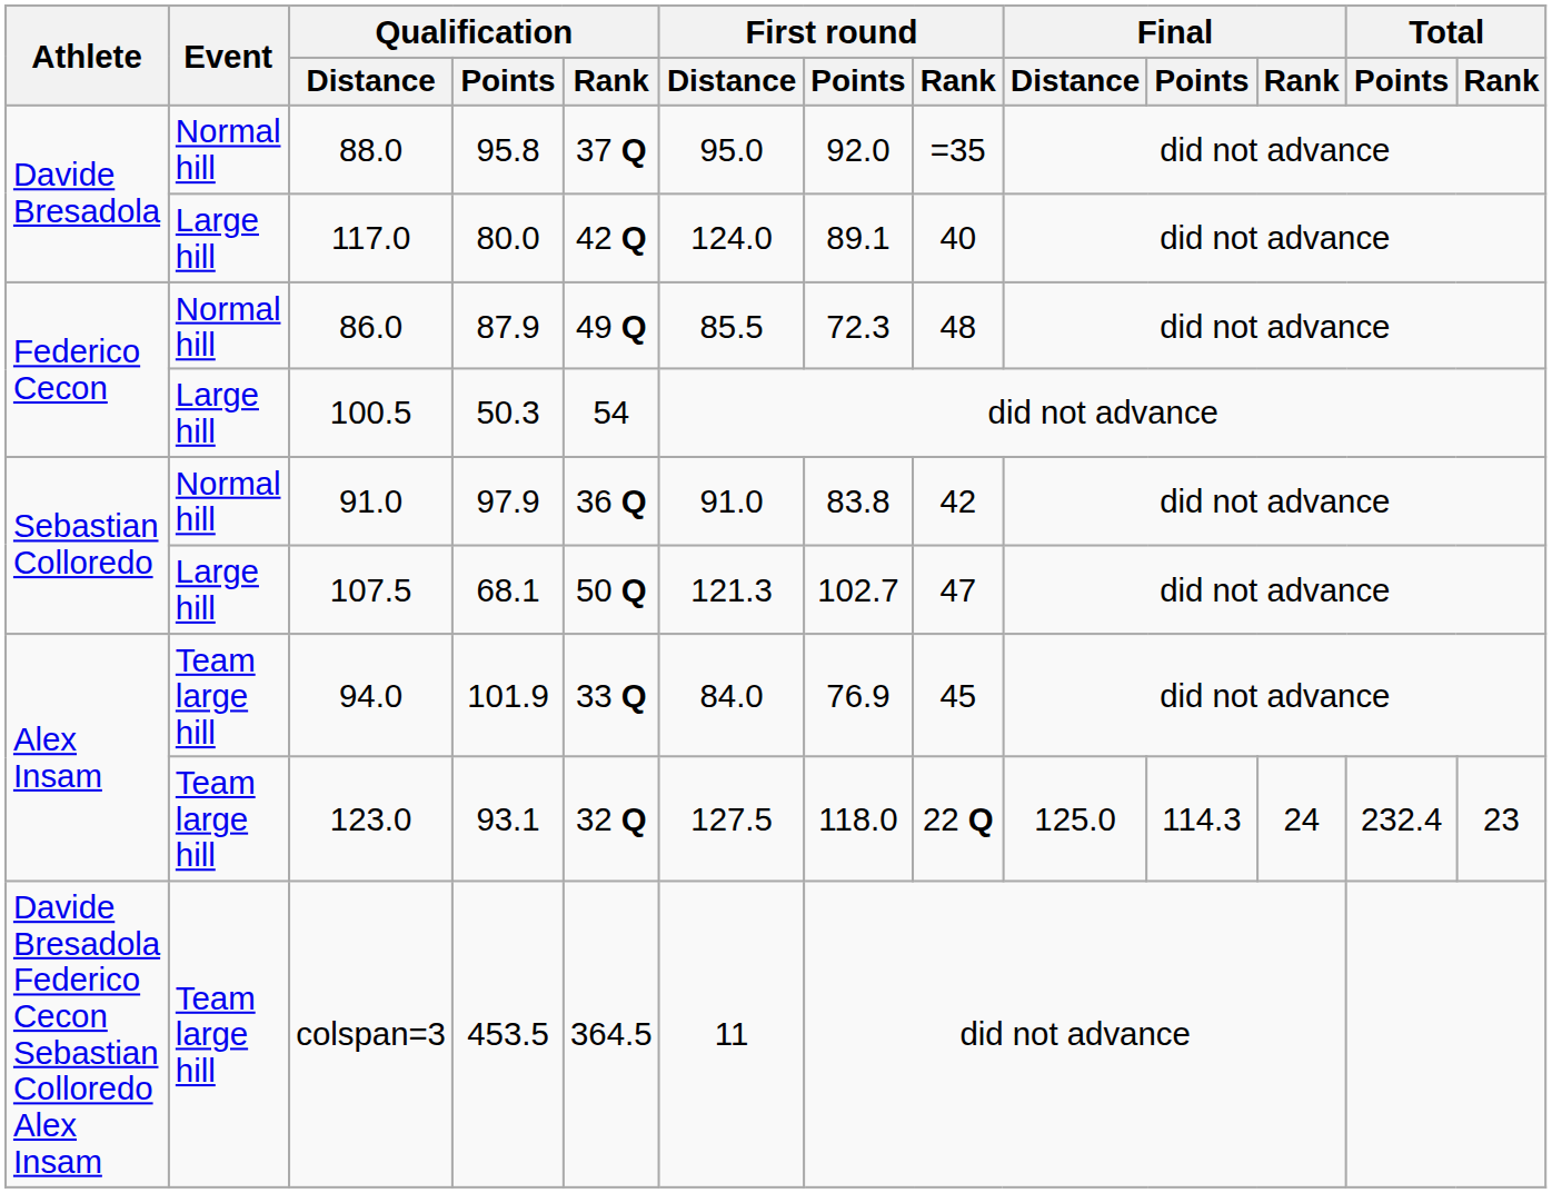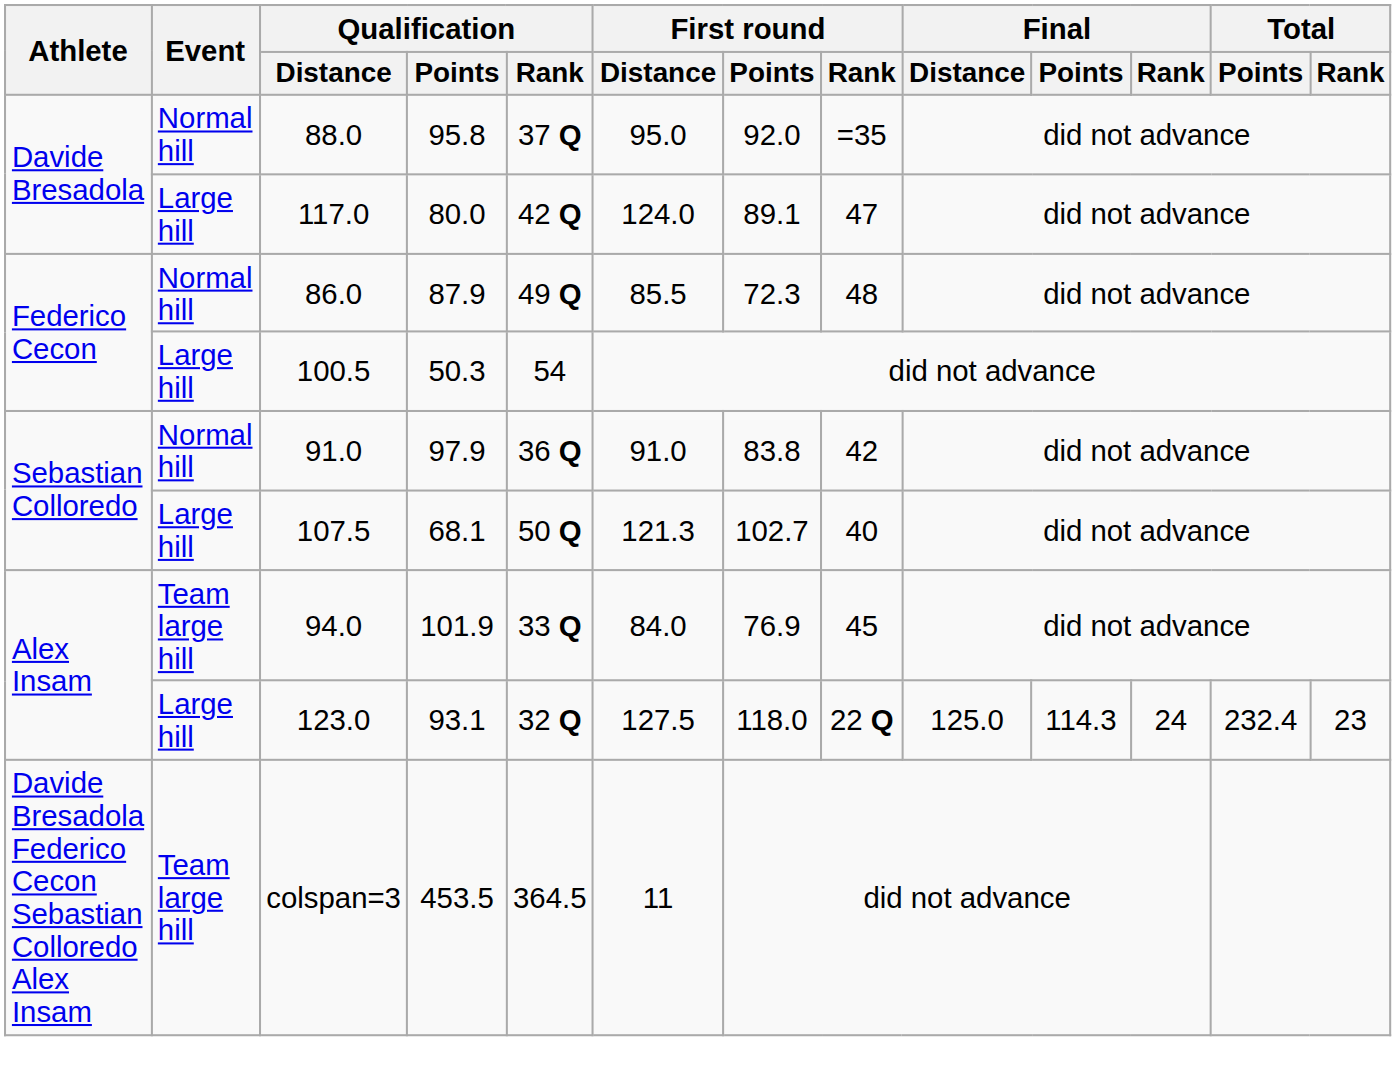 <table class="wikitable" style="font-size:90%">
 <tr>
 <th rowspan=2>Athlete</th>
 <th rowspan=2>Event</th>
 <th colspan=3>Qualification</th>
 <th colspan=3>First round</th>
 <th colspan=3>Final</th>
 <th colspan=2>Total</th>
 </tr>
 <tr style="font-size:95%">
 <th>Distance</th>
 <th>Points</th>
 <th>Rank</th>
 <th>Distance</th>
 <th>Points</th>
 <th>Rank</th>
 <th>Distance</th>
 <th>Points</th>
 <th>Rank</th>
 <th>Points</th>
 <th>Rank</th>
 </tr>
 <tr align=center>
 <td align=left rowspan=2><a href='#'>Davide Bresadola</a></td>
 <td align=left><a href='#'>Normal hill</a></td>
 <td>88.0</td>
 <td>95.8</td>
 <td>37 <strong>Q</strong></td>
 <td>95.0</td>
 <td>92.0</td>
 <td>=35</td>
 <td colspan=5>did not advance</td>
 </tr>
 <tr align=center>
 <td align=left><a href='#'>Large hill</a></td>
 <td>117.0</td>
 <td>80.0</td>
 <td>42 <strong>Q</strong></td>
 <td>124.0</td>
 <td>89.1</td>
-<td>40</td>
+<td>47</td>
 <td colspan=5>did not advance</td>
 </tr>
 <tr align=center>
 <td align=left rowspan=2><a href='#'>Federico Cecon</a></td>
 <td align=left><a href='#'>Normal hill</a></td>
 <td>86.0</td>
 <td>87.9</td>
 <td>49 <strong>Q</strong></td>
 <td>85.5</td>
 <td>72.3</td>
 <td>48</td>
 <td colspan=5>did not advance</td>
 </tr>
 <tr align=center>
 <td align=left><a href='#'>Large hill</a></td>
 <td>100.5</td>
 <td>50.3</td>
 <td>54</td>
 <td colspan=8>did not advance</td>
 </tr>
 <tr align=center>
 <td align=left rowspan=2><a href='#'>Sebastian Colloredo</a></td>
 <td align=left><a href='#'>Normal hill</a></td>
 <td>91.0</td>
 <td>97.9</td>
 <td>36 <strong>Q</strong></td>
 <td>91.0</td>
 <td>83.8</td>
 <td>42</td>
 <td colspan=5>did not advance</td>
 </tr>
 <tr align=center>
 <td align=left><a href='#'>Large hill</a></td>
 <td>107.5</td>
 <td>68.1</td>
 <td>50 <strong>Q</strong></td>
 <td>121.3</td>
 <td>102.7</td>
-<td>47</td>
+<td>40</td>
 <td colspan=5>did not advance</td>
 </tr>
 <tr align=center>
 <td align=left rowspan=2><a href='#'>Alex Insam</a></td>
 <td align=left><a href='#'>Team large hill</a></td>
 <td>94.0</td>
 <td>101.9</td>
 <td>33 <strong>Q</strong></td>
 <td>84.0</td>
 <td>76.9</td>
 <td>45</td>
 <td colspan=5>did not advance</td>
 </tr>
 <tr align=center>
-<td align=left><a href='#'>Team large hill</a></td>
+<td align=left><a href='#'>Large hill</a></td>
 <td>123.0</td>
 <td>93.1</td>
 <td>32 <strong>Q</strong></td>
 <td>127.5</td>
 <td>118.0</td>
 <td>22 <strong>Q</strong></td>
 <td>125.0</td>
 <td>114.3</td>
 <td>24</td>
 <td>232.4</td>
 <td>23</td>
 </tr>
 <tr align=center>
 <td align=left><a href='#'>Davide Bresadola</a><br><a href='#'>Federico Cecon</a><br><a href='#'>Sebastian Colloredo</a><br><a href='#'>Alex Insam</a></td>
 <td align=left><a href='#'>Team large hill</a></td>
 <td>colspan=3 </td>
 <td>453.5</td>
 <td>364.5</td>
 <td>11</td>
 <td colspan=5>did not advance</td>
 </tr>
 </table>
